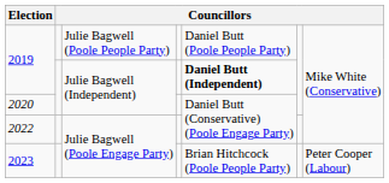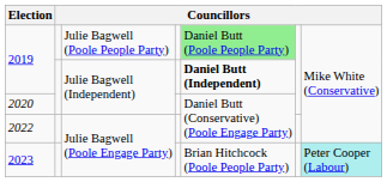 <table class="wikitable">
 <tr>
 <th>Election</th>
 <th colspan="6">Councillors</th>
 </tr>
 <tr>
 <td rowspan="2"><a href='#'>2019</a></td>
 <td rowspan="1" style="background-color: "></td>
 <td>Julie Bagwell<br>(<a href='#'>Poole People Party</a>)</td>
 <td rowspan="1" style="background-color: "></td>
-<td>Daniel Butt<br>(<a href='#'>Poole People Party</a>)</td>
+<td style="background: lightgreen;">Daniel Butt<br>(<a href='#'>Poole People Party</a>)</td>
 <td rowspan="3" style="background-color: "></td>
 <td rowspan="4">Mike White<br>(<a href='#'>Conservative</a>)</td>
 </tr>
 <tr>
 <td rowspan="2" style="background-color: "></td>
 <td rowspan="2">Julie Bagwell<br>(Independent)</td>
 <td rowspan="1" style="background-color: "></td>
 <td><strong>Daniel Butt<br>(Independent)</strong></td>
 </tr>
 <tr>
 <td><em>2020</em></td>
 <td rowspan="1" style="background-color: "></td>
 <td rowspan="2">Daniel Butt<br>(Conservative)<br>(<a href='#'>Poole Engage Party</a>)</td>
 </tr>
 <tr>
 <td><em>2022</em></td>
 <td rowspan="1" style="background-color: "></td>
 <td rowspan="2">Julie Bagwell<br>(<a href='#'>Poole Engage Party</a>)</td>
 <td rowspan="1" style="background-color: "></td>
 <td rowspan="1" style="background-color: "></td>
 </tr>
 <tr>
 <td><a href='#'>2023</a></td>
 <td rowspan="1" style="background-color: "></td>
 <td rowspan="1" style="background-color: "></td>
 <td>Brian Hitchcock<br>(<a href='#'>Poole People Party</a>)</td>
 <td rowspan="1;" style="background-color: "></td>
-<td rowspan="1">Peter Cooper<br>(<a href='#'>Labour</a>)</td>
+<td rowspan="1" style="background: paleturquoise;">Peter Cooper<br>(<a href='#'>Labour</a>)</td>
 </tr>
 </table>
